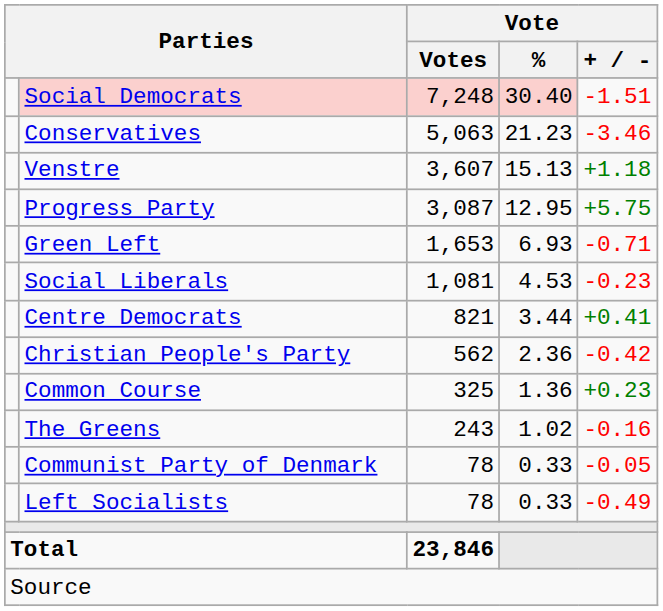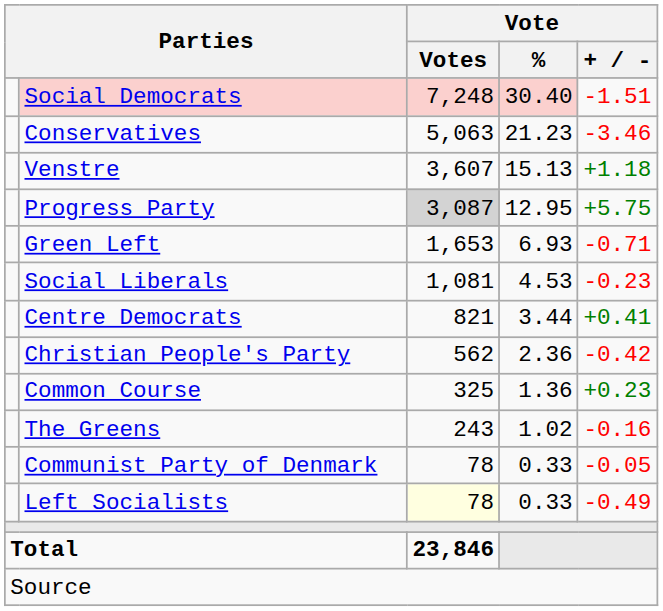 <table class="wikitable" style="text-align:right;">
 <tr>
 <th style="text-align:centre;" rowspan="2" colspan="2" width="225">Parties</th>
 <th colspan="3">Vote</th>
 </tr>
 <tr>
 <th width="15">Votes</th>
 <th width="15">%</th>
 <th width="15">+ / -</th>
 </tr>
 <tr>
 <td width="2" style="color:inherit;background:"></td>
 <td bgcolor=#fbd0ce  align="left"><a href='#'>Social Democrats</a></td>
 <td bgcolor=#fbd0ce>7,248</td>
 <td bgcolor=#fbd0ce>30.40</td>
 <td style=color:red;>-1.51</td>
 </tr>
 <tr>
 <td width="2" style="color:inherit;background:"></td>
 <td align="left"><a href='#'>Conservatives</a></td>
 <td>5,063</td>
 <td>21.23</td>
 <td style=color:red;>-3.46</td>
 </tr>
 <tr>
 <td width="2" style="color:inherit;background:"></td>
 <td align="left"><a href='#'>Venstre</a></td>
 <td>3,607</td>
 <td>15.13</td>
 <td style=color:green;>+1.18</td>
 </tr>
 <tr>
 <td width="2" style="color:inherit;background:"></td>
 <td align="left"><a href='#'>Progress Party</a></td>
-<td>3,087</td>
+<td style="background: lightgrey;">3,087</td>
 <td>12.95</td>
 <td style=color:green;>+5.75</td>
 </tr>
 <tr>
 <td width="2" style="color:inherit;background:"></td>
 <td align="left"><a href='#'>Green Left</a></td>
 <td>1,653</td>
 <td>6.93</td>
 <td style=color:red;>-0.71</td>
 </tr>
 <tr>
 <td width="2" style="color:inherit;background:"></td>
 <td align="left"><a href='#'>Social Liberals</a></td>
 <td>1,081</td>
 <td>4.53</td>
 <td style=color:red;>-0.23</td>
 </tr>
 <tr>
 <td width="2" style="color:inherit;background:"></td>
 <td align="left"><a href='#'>Centre Democrats</a></td>
 <td>821</td>
 <td>3.44</td>
 <td style=color:green;>+0.41</td>
 </tr>
 <tr>
 <td width="2" style="color:inherit;background:"></td>
 <td align="left"><a href='#'>Christian People's Party</a></td>
 <td>562</td>
 <td>2.36</td>
 <td style=color:red;>-0.42</td>
 </tr>
 <tr>
 <td width="2" style="color:inherit;background:"></td>
 <td align="left"><a href='#'>Common Course</a></td>
 <td>325</td>
 <td>1.36</td>
 <td style=color:green;>+0.23</td>
 </tr>
 <tr>
 <td width="2" style="color:inherit;background:"></td>
 <td align="left"><a href='#'>The Greens</a></td>
 <td>243</td>
 <td>1.02</td>
 <td style=color:red;>-0.16</td>
 </tr>
 <tr>
 <td width="2" style="color:inherit;background:"></td>
 <td align="left"><a href='#'>Communist Party of Denmark</a></td>
 <td>78</td>
 <td>0.33</td>
 <td style=color:red;>-0.05</td>
 </tr>
 <tr>
 <td width="2" style="color:inherit;background:"></td>
 <td align="left"><a href='#'>Left Socialists</a></td>
-<td>78</td>
+<td style="background: lightyellow;">78</td>
 <td>0.33</td>
 <td style=color:red;>-0.49</td>
 </tr>
 <tr>
 <td colspan="7" bgcolor="#E9E9E9"></td>
 </tr>
 <tr>
 <td align="left" colspan="2"><strong>Total</strong></td>
 <td><strong>23,846</strong></td>
 <td bgcolor="#E9E9E9" colspan="2"></td>
 </tr>
 <tr>
 <td align="left" colspan="6">Source</td>
 </tr>
 </table>
